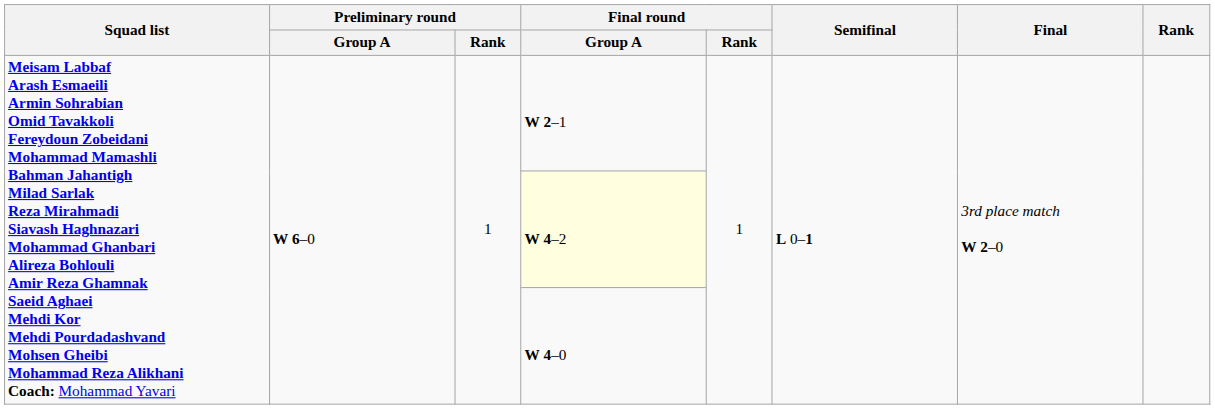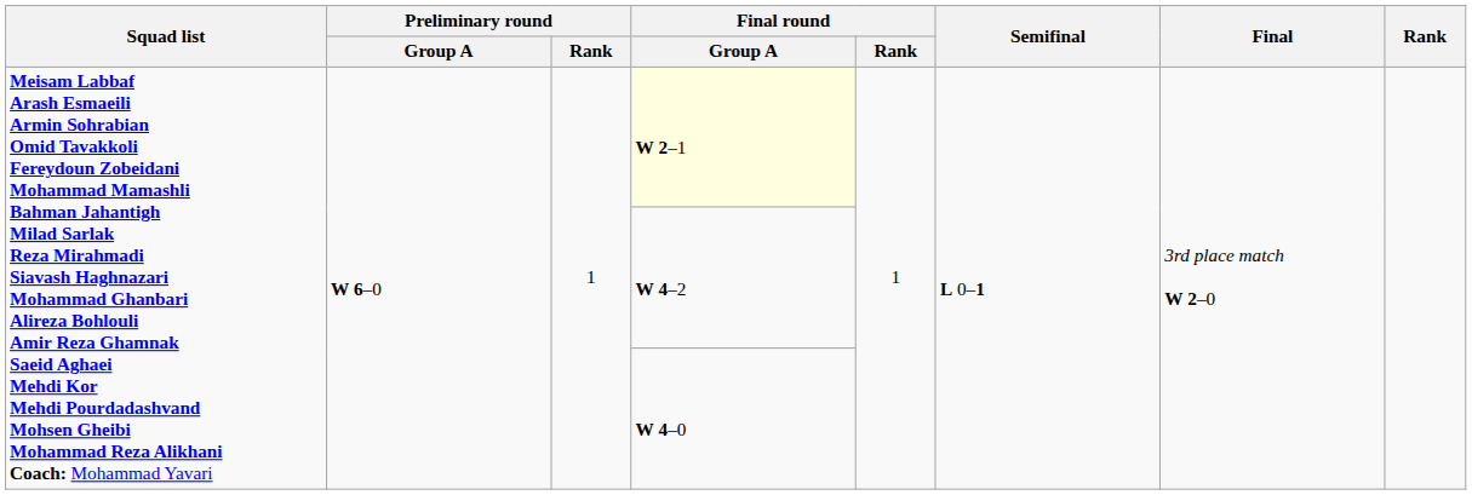 <table class="wikitable" width="90%" style="text-align:left; font-size:90%">
 <tr>
 <th rowspan="2" width="20%">Squad list</th>
 <th colspan="2">Preliminary round</th>
 <th colspan="2">Final round</th>
 <th rowspan="2" width="14%">Semifinal</th>
 <th rowspan="2" width="14%">Final</th>
 <th rowspan="2" width="5%">Rank</th>
 </tr>
 <tr>
 <th width="14%">Group A</th>
 <th width="5%">Rank</th>
 <th width="14%">Group A</th>
 <th width="5%">Rank</th>
 </tr>
 <tr>
 <td rowspan="3"><strong><a href='#'>Meisam Labbaf</a><br><a href='#'>Arash Esmaeili</a><br><a href='#'>Armin Sohrabian</a><br><a href='#'>Omid Tavakkoli</a><br><a href='#'>Fereydoun Zobeidani</a><br><a href='#'>Mohammad Mamashli</a><br><a href='#'>Bahman Jahantigh</a><br><a href='#'>Milad Sarlak</a><br><a href='#'>Reza Mirahmadi</a><br><a href='#'>Siavash Haghnazari</a><br><a href='#'>Mohammad Ghanbari</a><br><a href='#'>Alireza Bohlouli</a><br><a href='#'>Amir Reza Ghamnak</a><br><a href='#'>Saeid Aghaei</a><br><a href='#'>Mehdi Kor</a><br><a href='#'>Mehdi Pourdadashvand</a><br><a href='#'>Mohsen Gheibi</a><br><a href='#'>Mohammad Reza Alikhani</a><br> Coach:</strong> <a href='#'>Mohammad Yavari</a></td>
 <td rowspan="3"><br><strong>W</strong> <strong>6</strong>–0</td>
 <td rowspan="3" align=center>1 <strong></strong></td>
-<td><br><strong>W</strong> <strong>2</strong>–1</td>
+<td style="background: lightyellow;"><br><strong>W</strong> <strong>2</strong>–1</td>
 <td rowspan="3" align=center>1 <strong></strong></td>
 <td rowspan="3"><br><strong>L</strong> 0–<strong>1</strong></td>
 <td rowspan="3"><em>3rd place match</em><br><br><strong>W</strong> <strong>2</strong>–0</td>
 <td rowspan="3" align="center"></td>
 </tr>
 <tr>
-<td style="background: lightyellow;"><br><strong>W</strong> <strong>4</strong>–2</td>
+<td><br><strong>W</strong> <strong>4</strong>–2</td>
 </tr>
 <tr>
 <td><br><strong>W</strong> <strong>4</strong>–0</td>
 </tr>
 </table>
